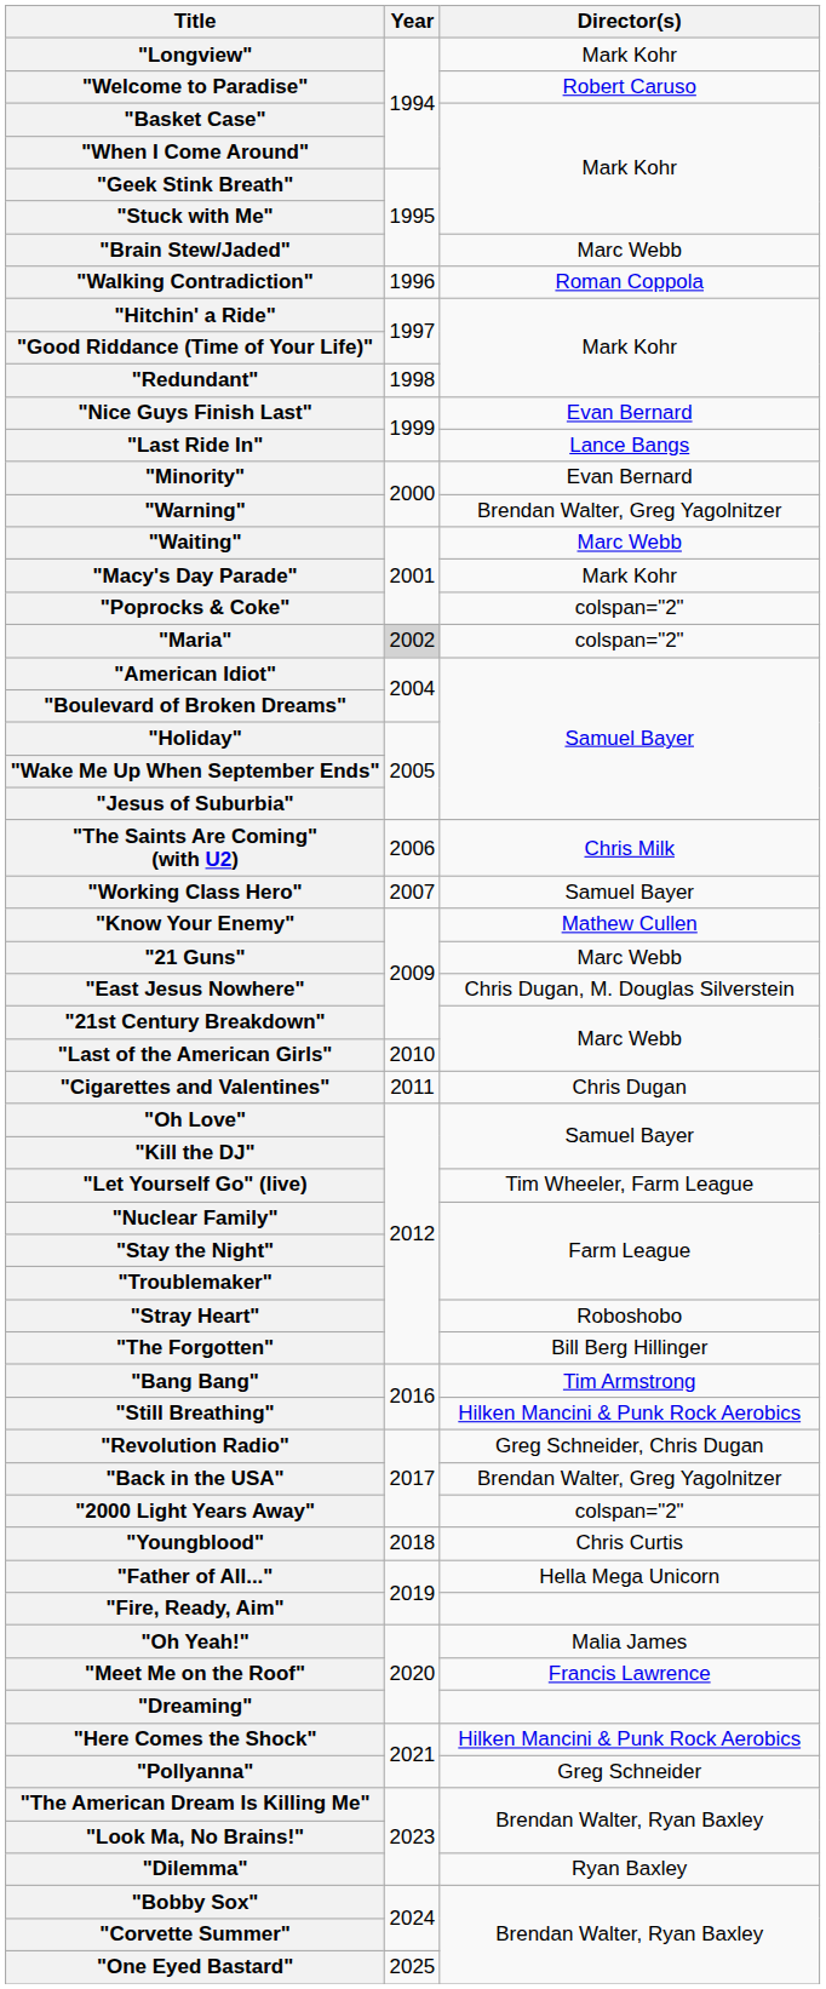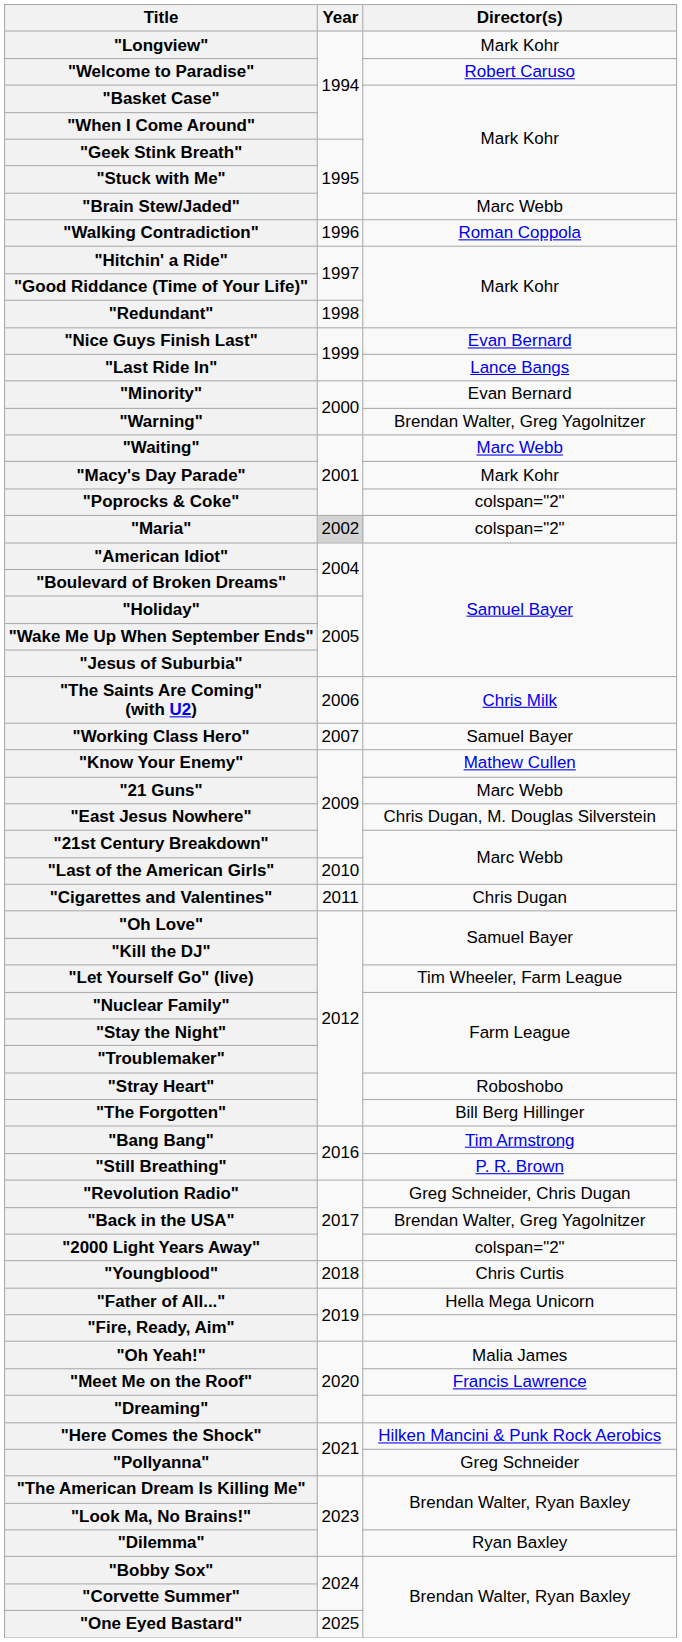 <table class="wikitable plainrowheaders" style="text-align:center;">
 <tr>
 <th scope="col" style="width:18em;">Title</th>
 <th scope="col">Year</th>
 <th scope="col" style="width:18em;">Director(s)</th>
 </tr>
 <tr>
 <th scope="row">"Longview"</th>
 <td rowspan="4">1994</td>
 <td>Mark Kohr</td>
 </tr>
 <tr>
 <th scope="row">"Welcome to Paradise"</th>
 <td><a href='#'>Robert Caruso</a></td>
 </tr>
 <tr>
 <th scope="row">"Basket Case"</th>
 <td rowspan="4">Mark Kohr</td>
 </tr>
 <tr>
 <th scope="row">"When I Come Around"</th>
 </tr>
 <tr>
 <th scope="row">"Geek Stink Breath"</th>
 <td rowspan="3">1995</td>
 </tr>
 <tr>
 <th scope="row">"Stuck with Me"</th>
 </tr>
 <tr>
 <th scope="row">"Brain Stew/Jaded"</th>
 <td>Marc Webb</td>
 </tr>
 <tr>
 <th scope="row">"Walking Contradiction"</th>
 <td>1996</td>
 <td><a href='#'>Roman Coppola</a></td>
 </tr>
 <tr>
 <th scope="row">"Hitchin' a Ride"</th>
 <td rowspan="2">1997</td>
 <td rowspan="3">Mark Kohr</td>
 </tr>
 <tr>
 <th scope="row">"Good Riddance (Time of Your Life)"</th>
 </tr>
 <tr>
 <th scope="row">"Redundant"</th>
 <td>1998</td>
 </tr>
 <tr>
 <th scope="row">"Nice Guys Finish Last"</th>
 <td rowspan="2">1999</td>
 <td><a href='#'>Evan Bernard</a></td>
 </tr>
 <tr>
 <th scope="row">"Last Ride In"</th>
 <td><a href='#'>Lance Bangs</a></td>
 </tr>
 <tr>
 <th scope="row">"Minority"</th>
 <td rowspan="2">2000</td>
 <td>Evan Bernard</td>
 </tr>
 <tr>
 <th scope="row">"Warning"</th>
 <td>Brendan Walter, Greg Yagolnitzer</td>
 </tr>
 <tr>
 <th scope="row">"Waiting"</th>
 <td rowspan="3">2001</td>
 <td><a href='#'>Marc Webb</a></td>
 </tr>
 <tr>
 <th scope="row">"Macy's Day Parade"</th>
 <td>Mark Kohr</td>
 </tr>
 <tr>
 <th scope="row">"Poprocks & Coke"</th>
 <td>colspan="2" </td>
 </tr>
 <tr>
 <th scope="row">"Maria"</th>
 <td style="background: lightgrey;">2002</td>
 <td>colspan="2" </td>
 </tr>
 <tr>
 <th scope="row">"American Idiot"</th>
 <td rowspan="2">2004</td>
 <td rowspan="5"><a href='#'>Samuel Bayer</a></td>
 </tr>
 <tr>
 <th scope="row">"Boulevard of Broken Dreams"</th>
 </tr>
 <tr>
 <th scope="row">"Holiday"</th>
 <td rowspan="3">2005</td>
 </tr>
 <tr>
 <th scope="row">"Wake Me Up When September Ends"</th>
 </tr>
 <tr>
 <th scope="row">"Jesus of Suburbia"</th>
 </tr>
 <tr>
 <th scope="row">"The Saints Are Coming"<br><span>(with <a href='#'>U2</a>)</span></th>
 <td>2006</td>
 <td><a href='#'>Chris Milk</a></td>
 </tr>
 <tr>
 <th scope="row">"Working Class Hero"</th>
 <td>2007</td>
 <td>Samuel Bayer</td>
 </tr>
 <tr>
 <th scope="row">"Know Your Enemy"</th>
 <td rowspan="4">2009</td>
 <td><a href='#'>Mathew Cullen</a></td>
 </tr>
 <tr>
 <th scope="row">"21 Guns"</th>
 <td>Marc Webb</td>
 </tr>
 <tr>
 <th scope="row">"East Jesus Nowhere"</th>
 <td>Chris Dugan, M. Douglas Silverstein</td>
 </tr>
 <tr>
 <th scope="row">"21st Century Breakdown"</th>
 <td rowspan="2">Marc Webb</td>
 </tr>
 <tr>
 <th scope="row">"Last of the American Girls"</th>
 <td>2010</td>
 </tr>
 <tr>
 <th scope="row">"Cigarettes and Valentines"</th>
 <td>2011</td>
 <td>Chris Dugan</td>
 </tr>
 <tr>
 <th scope="row">"Oh Love"</th>
 <td rowspan="8">2012</td>
 <td rowspan="2">Samuel Bayer</td>
 </tr>
 <tr>
 <th scope="row">"Kill the DJ"</th>
 </tr>
 <tr>
 <th scope="row">"Let Yourself Go" (live)</th>
 <td>Tim Wheeler, Farm League</td>
 </tr>
 <tr>
 <th scope="row">"Nuclear Family"</th>
 <td rowspan="3">Farm League</td>
 </tr>
 <tr>
 <th scope="row">"Stay the Night"</th>
 </tr>
 <tr>
 <th scope="row">"Troublemaker"</th>
 </tr>
 <tr>
 <th scope="row">"Stray Heart"</th>
 <td>Roboshobo</td>
 </tr>
 <tr>
 <th scope="row">"The Forgotten"</th>
 <td>Bill Berg Hillinger</td>
 </tr>
 <tr>
 <th scope="row">"Bang Bang"</th>
 <td rowspan="2">2016</td>
 <td scope="row"><a href='#'>Tim Armstrong</a></td>
 </tr>
 <tr>
 <th scope="row">"Still Breathing"</th>
-<td><a href='#'>Hilken Mancini & Punk Rock Aerobics</a></td>
+<td scope="row"><a href='#'>P. R. Brown</a></td>
 </tr>
 <tr>
 <th scope="row">"Revolution Radio"</th>
 <td rowspan="3">2017</td>
 <td scope="row">Greg Schneider, Chris Dugan</td>
 </tr>
 <tr>
 <th scope="row">"Back in the USA"</th>
 <td scope="row">Brendan Walter, Greg Yagolnitzer</td>
 </tr>
 <tr>
 <th scope="row">"2000 Light Years Away"</th>
 <td>colspan="2" </td>
 </tr>
 <tr>
 <th scope="row">"Youngblood"</th>
 <td>2018</td>
 <td>Chris Curtis</td>
 </tr>
 <tr>
 <th scope="row">"Father of All..."</th>
 <td rowspan="2">2019</td>
 <td>Hella Mega Unicorn</td>
 </tr>
 <tr>
 <th scope="row">"Fire, Ready, Aim"</th>
 <td></td>
 </tr>
 <tr>
 <th scope="row">"Oh Yeah!"</th>
 <td rowspan="3">2020</td>
 <td>Malia James</td>
 </tr>
 <tr>
 <th scope="row">"Meet Me on the Roof"</th>
 <td><a href='#'>Francis Lawrence</a></td>
 </tr>
 <tr>
 <th scope="row">"Dreaming"</th>
 <td></td>
 </tr>
 <tr>
 <th scope="row">"Here Comes the Shock"</th>
 <td rowspan="2">2021</td>
 <td><a href='#'>Hilken Mancini & Punk Rock Aerobics</a></td>
 </tr>
 <tr>
 <th scope="row">"Pollyanna"</th>
 <td>Greg Schneider</td>
 </tr>
 <tr>
 <th scope="row">"The American Dream Is Killing Me"</th>
 <td rowspan="3">2023</td>
 <td rowspan="2">Brendan Walter, Ryan Baxley</td>
 </tr>
 <tr>
 <th scope="row">"Look Ma, No Brains!"</th>
 </tr>
 <tr>
 <th scope="row">"Dilemma"</th>
 <td>Ryan Baxley</td>
 </tr>
 <tr>
 <th scope="row">"Bobby Sox"</th>
 <td rowspan="2">2024</td>
 <td rowspan="3">Brendan Walter, Ryan Baxley</td>
 </tr>
 <tr>
 <th scope="row">"Corvette Summer"</th>
 </tr>
 <tr>
 <th scope="row">"One Eyed Bastard"</th>
 <td>2025</td>
 </tr>
 </table>
